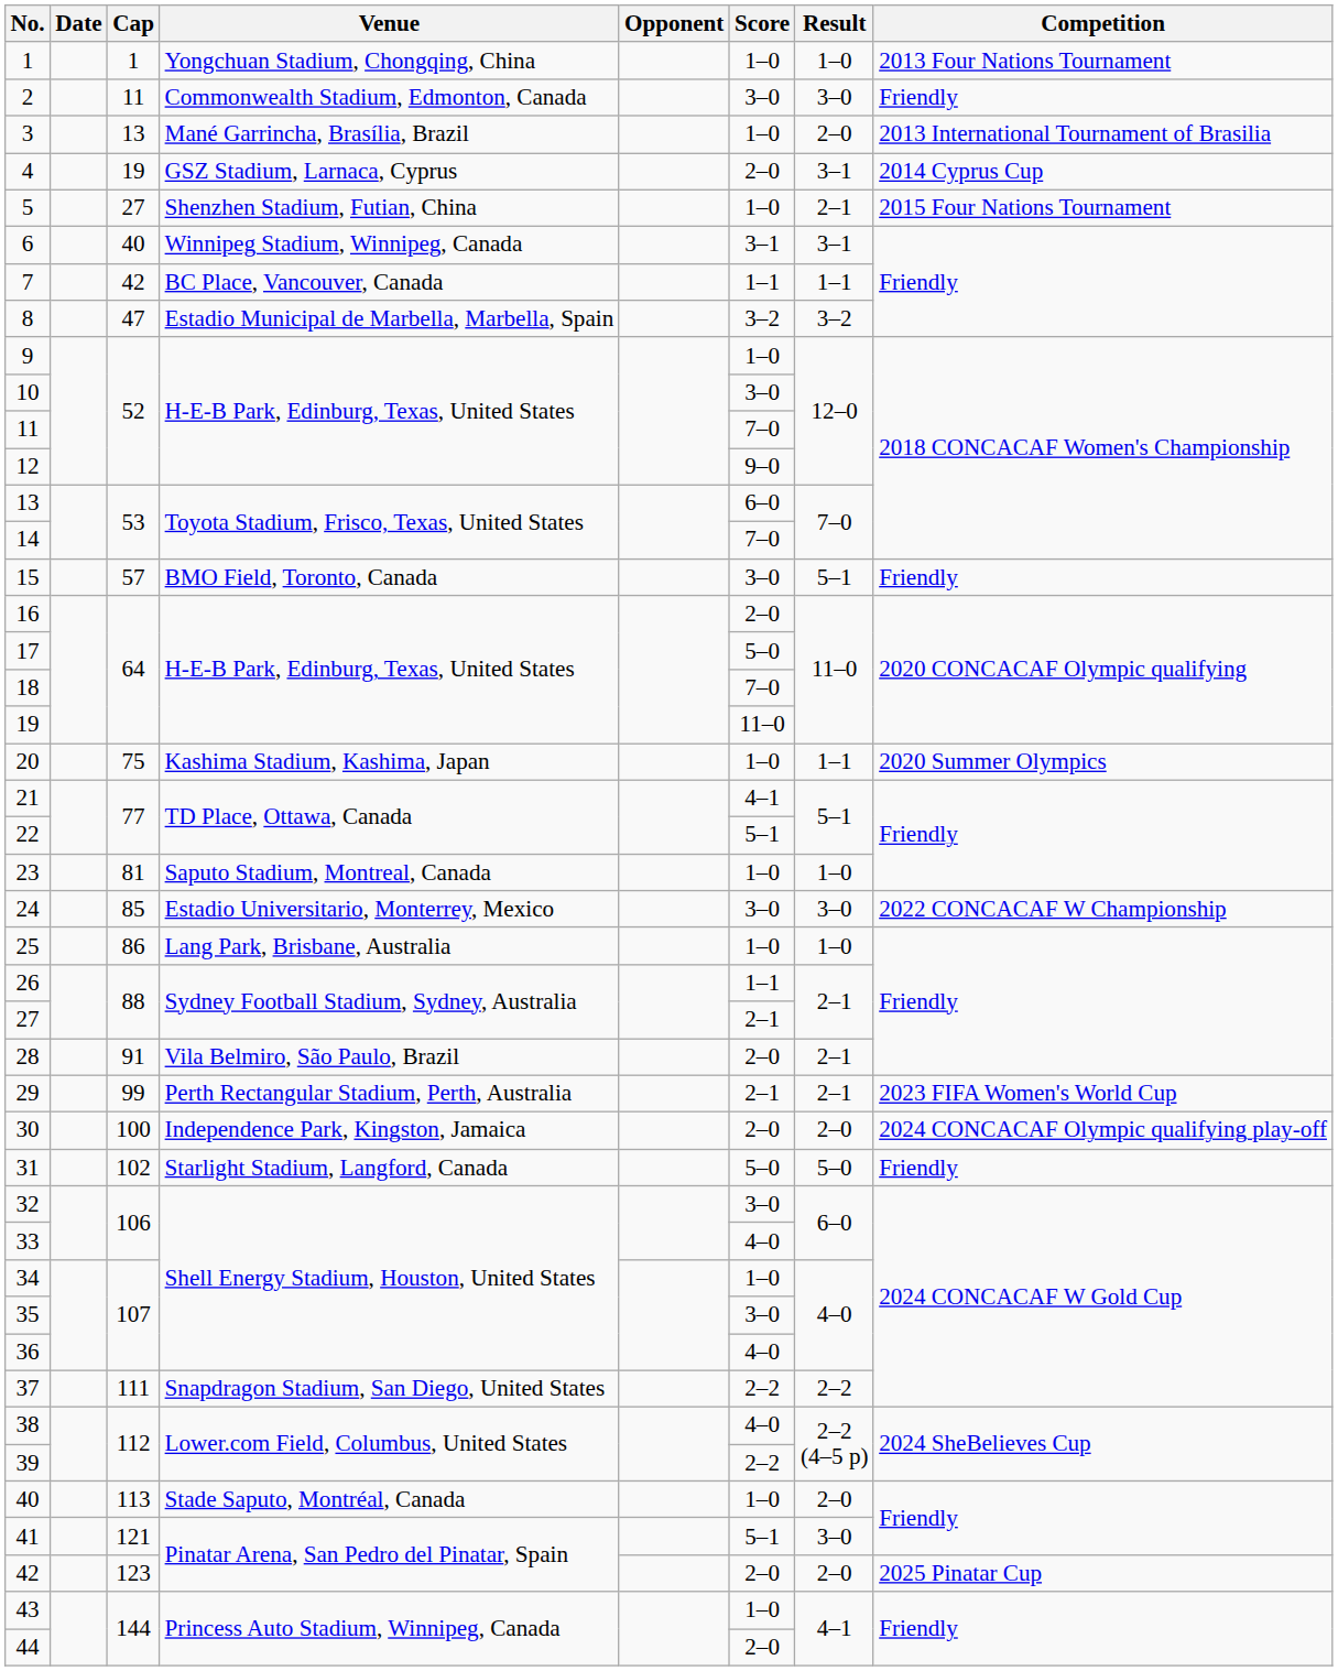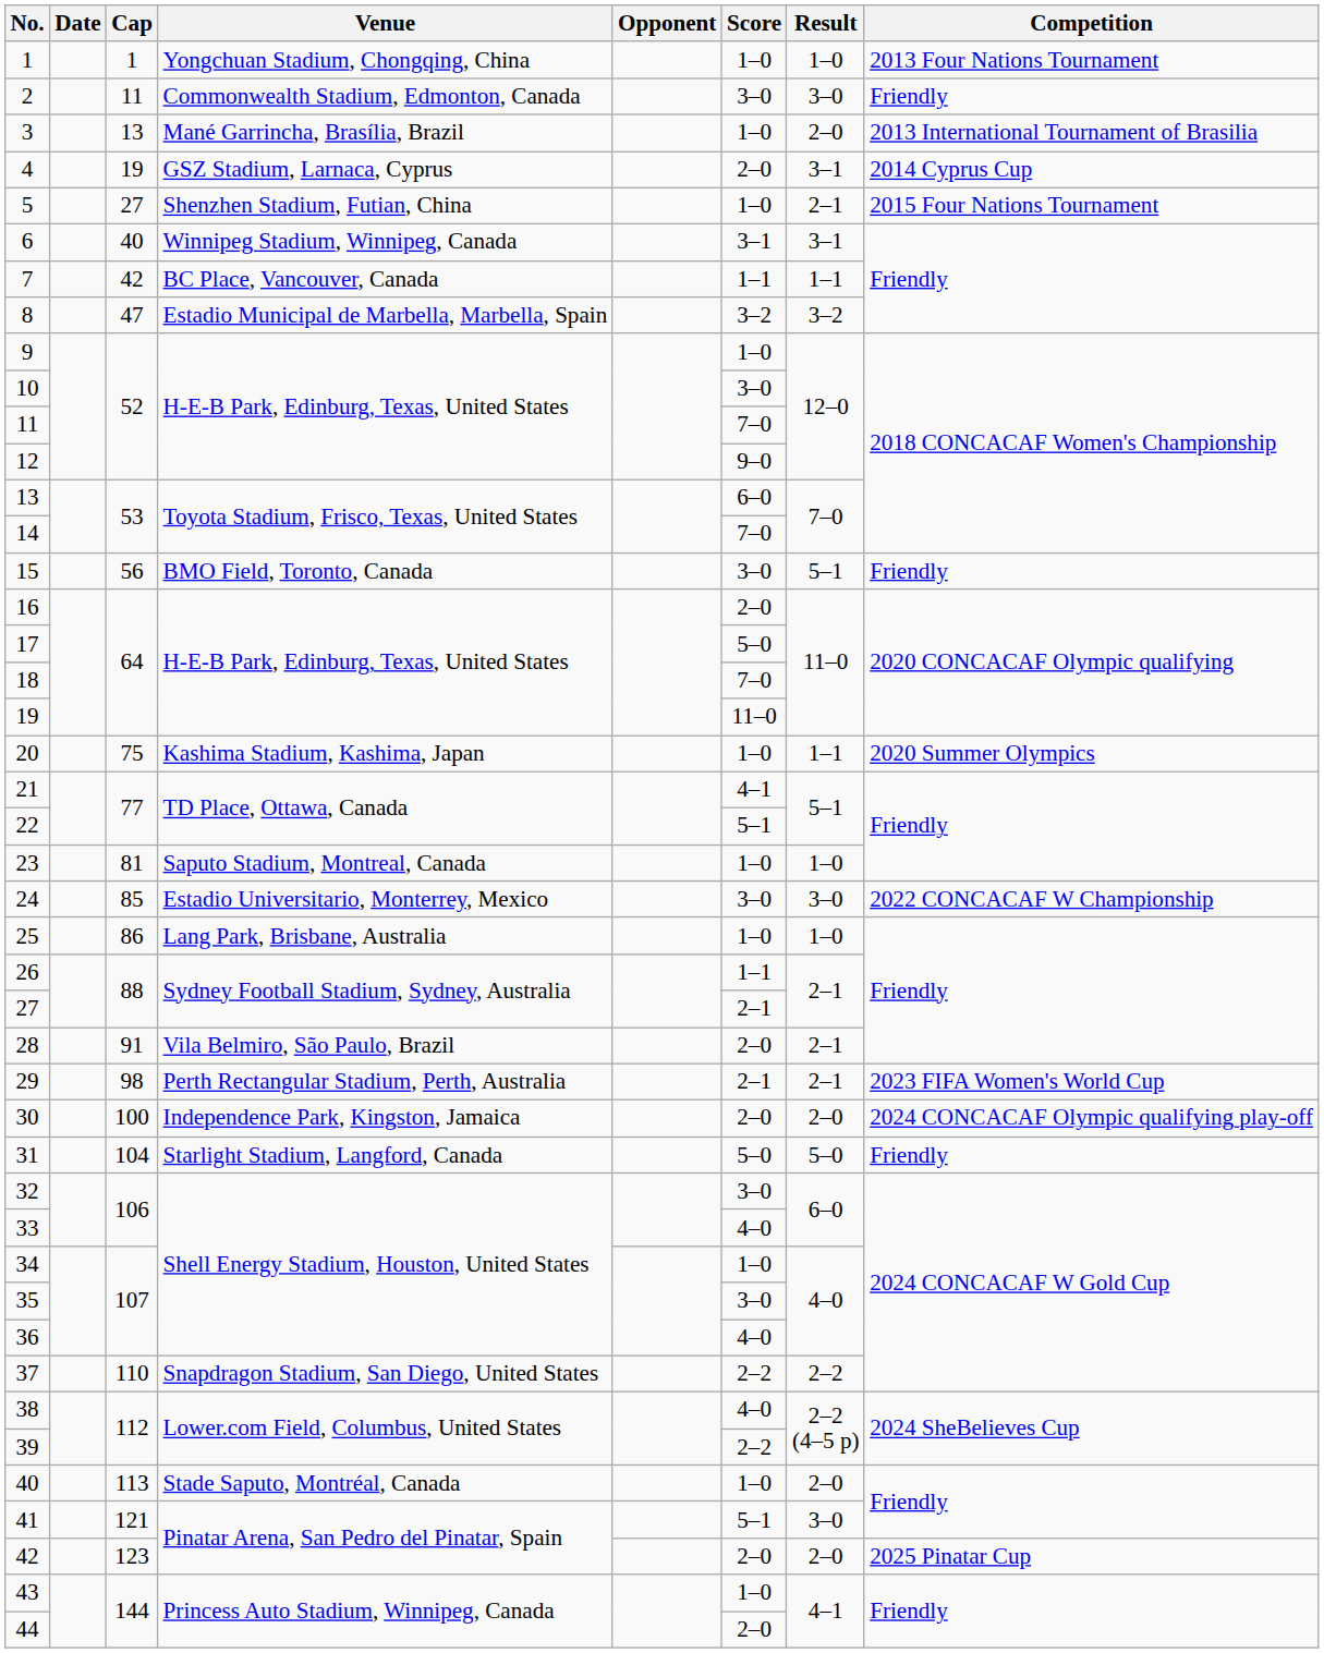 <table class="wikitable sortable">
 <tr>
 <th scope="col">No.</th>
 <th scope="col" data-sort-type="date">Date</th>
 <th scope="col">Cap</th>
 <th scope="col">Venue</th>
 <th scope="col">Opponent</th>
 <th scope="col" class="unsortable">Score</th>
 <th scope="col" class="unsortable">Result</th>
 <th scope="col">Competition</th>
 </tr>
 <tr>
 <td align="center">1</td>
 <td></td>
 <td align="center">1</td>
 <td><a href='#'>Yongchuan Stadium</a>, <a href='#'>Chongqing</a>, China</td>
 <td></td>
 <td align="center">1–0</td>
 <td align="center">1–0</td>
 <td><a href='#'>2013 Four Nations Tournament</a></td>
 </tr>
 <tr>
 <td align="center">2</td>
 <td></td>
 <td align="center">11</td>
 <td><a href='#'>Commonwealth Stadium</a>, <a href='#'>Edmonton</a>, Canada</td>
 <td></td>
 <td align="center">3–0</td>
 <td align="center">3–0</td>
 <td><a href='#'>Friendly</a></td>
 </tr>
 <tr>
 <td align="center">3</td>
 <td></td>
 <td align="center">13</td>
 <td><a href='#'>Mané Garrincha</a>, <a href='#'>Brasília</a>, Brazil</td>
 <td></td>
 <td align="center">1–0</td>
 <td align="center">2–0</td>
 <td><a href='#'>2013 International Tournament of Brasilia</a></td>
 </tr>
 <tr>
 <td align="center">4</td>
 <td></td>
 <td align="center">19</td>
 <td><a href='#'>GSZ Stadium</a>, <a href='#'>Larnaca</a>, Cyprus</td>
 <td></td>
 <td align="center">2–0</td>
 <td align="center">3–1</td>
 <td><a href='#'>2014 Cyprus Cup</a></td>
 </tr>
 <tr>
 <td align="center">5</td>
 <td></td>
 <td align="center">27</td>
 <td><a href='#'>Shenzhen Stadium</a>, <a href='#'>Futian</a>, China</td>
 <td></td>
 <td align="center">1–0</td>
 <td align="center">2–1</td>
 <td><a href='#'>2015 Four Nations Tournament</a></td>
 </tr>
 <tr>
 <td align="center">6</td>
 <td></td>
 <td align="center">40</td>
 <td><a href='#'>Winnipeg Stadium</a>, <a href='#'>Winnipeg</a>, Canada</td>
 <td></td>
 <td align="center">3–1</td>
 <td align="center">3–1</td>
 <td rowspan="3"><a href='#'>Friendly</a></td>
 </tr>
 <tr>
 <td align="center">7</td>
 <td></td>
 <td align="center">42</td>
 <td><a href='#'>BC Place</a>, <a href='#'>Vancouver</a>, Canada</td>
 <td></td>
 <td align="center">1–1</td>
 <td align="center">1–1</td>
 </tr>
 <tr>
 <td align="center">8</td>
 <td></td>
 <td align="center">47</td>
 <td><a href='#'>Estadio Municipal de Marbella</a>, <a href='#'>Marbella</a>, Spain</td>
 <td></td>
 <td align="center">3–2</td>
 <td align="center">3–2</td>
 </tr>
 <tr>
 <td align="center">9</td>
 <td rowspan="4"></td>
 <td align="center" rowspan="4">52</td>
 <td rowspan="4"><a href='#'>H-E-B Park</a>, <a href='#'>Edinburg, Texas</a>, United States</td>
 <td rowspan="4"></td>
 <td align="center">1–0</td>
 <td align="center" rowspan="4">12–0</td>
 <td rowspan="6"><a href='#'>2018 CONCACAF Women's Championship</a></td>
 </tr>
 <tr>
 <td align="center">10</td>
 <td align="center">3–0</td>
 </tr>
 <tr>
 <td align="center">11</td>
 <td align="center">7–0</td>
 </tr>
 <tr>
 <td align="center">12</td>
 <td align="center">9–0</td>
 </tr>
 <tr>
 <td align="center">13</td>
 <td rowspan="2"></td>
 <td align="center" rowspan="2">53</td>
 <td rowspan="2"><a href='#'>Toyota Stadium</a>, <a href='#'>Frisco, Texas</a>, United States</td>
 <td rowspan="2"></td>
 <td align="center">6–0</td>
 <td align="center" rowspan="2">7–0</td>
 </tr>
 <tr>
 <td align="center">14</td>
 <td align="center">7–0</td>
 </tr>
 <tr>
 <td align="center">15</td>
 <td></td>
-<td align="center">57</td>
+<td align="center">56</td>
 <td><a href='#'>BMO Field</a>, <a href='#'>Toronto</a>, Canada</td>
 <td></td>
 <td align="center">3–0</td>
 <td align="center">5–1</td>
 <td><a href='#'>Friendly</a></td>
 </tr>
 <tr>
 <td align="center">16</td>
 <td rowspan="4"></td>
 <td align="center" rowspan="4">64</td>
 <td rowspan="4"><a href='#'>H-E-B Park</a>, <a href='#'>Edinburg, Texas</a>, United States</td>
 <td rowspan="4"></td>
 <td align="center">2–0</td>
 <td align="center" rowspan="4">11–0</td>
 <td rowspan="4"><a href='#'>2020 CONCACAF Olympic qualifying</a></td>
 </tr>
 <tr>
 <td align="center">17</td>
 <td align="center">5–0</td>
 </tr>
 <tr>
 <td align="center">18</td>
 <td align="center">7–0</td>
 </tr>
 <tr>
 <td align="center">19</td>
 <td align="center">11–0</td>
 </tr>
 <tr>
 <td align="center">20</td>
 <td></td>
 <td align="center">75</td>
 <td><a href='#'>Kashima Stadium</a>, <a href='#'>Kashima</a>, Japan</td>
 <td></td>
 <td align="center">1–0</td>
 <td align="center">1–1</td>
 <td><a href='#'>2020 Summer Olympics</a></td>
 </tr>
 <tr>
 <td align="center">21</td>
 <td rowspan="2"></td>
 <td align="center" rowspan="2">77</td>
 <td rowspan="2"><a href='#'>TD Place</a>, <a href='#'>Ottawa</a>, Canada</td>
 <td rowspan="2"></td>
 <td align="center">4–1</td>
 <td align="center" rowspan="2">5–1</td>
 <td rowspan="3"><a href='#'>Friendly</a></td>
 </tr>
 <tr>
 <td align="center">22</td>
 <td align="center">5–1</td>
 </tr>
 <tr>
 <td align="center">23</td>
 <td></td>
 <td align="center">81</td>
 <td><a href='#'>Saputo Stadium</a>, <a href='#'>Montreal</a>, Canada</td>
 <td></td>
 <td align="center">1–0</td>
 <td align="center">1–0</td>
 </tr>
 <tr>
 <td align="center">24</td>
 <td></td>
 <td align="center">85</td>
 <td><a href='#'>Estadio Universitario</a>, <a href='#'>Monterrey</a>, Mexico</td>
 <td></td>
 <td align="center">3–0</td>
 <td align="center">3–0</td>
 <td><a href='#'>2022 CONCACAF W Championship</a></td>
 </tr>
 <tr>
 <td align="center">25</td>
 <td></td>
 <td align="center">86</td>
 <td><a href='#'>Lang Park</a>, <a href='#'>Brisbane</a>, Australia</td>
 <td></td>
 <td align="center">1–0</td>
 <td align="center">1–0</td>
 <td rowspan="4"><a href='#'>Friendly</a></td>
 </tr>
 <tr>
 <td align="center">26</td>
 <td rowspan="2"></td>
 <td rowspan="2" align="center">88</td>
 <td rowspan="2"><a href='#'>Sydney Football Stadium</a>, <a href='#'>Sydney</a>, Australia</td>
 <td rowspan="2"></td>
 <td align="center">1–1</td>
 <td rowspan="2" align="center">2–1</td>
 </tr>
 <tr>
 <td align="center">27</td>
 <td align="center">2–1</td>
 </tr>
 <tr>
 <td align="center">28</td>
 <td></td>
 <td align="center">91</td>
 <td><a href='#'>Vila Belmiro</a>, <a href='#'>São Paulo</a>, Brazil</td>
 <td></td>
 <td align="center">2–0</td>
 <td align="center">2–1</td>
 </tr>
 <tr>
 <td align="center">29</td>
 <td></td>
-<td align="center">99</td>
+<td align="center">98</td>
 <td><a href='#'>Perth Rectangular Stadium</a>, <a href='#'>Perth</a>, Australia</td>
 <td></td>
 <td align="center">2–1</td>
 <td align="center">2–1</td>
 <td><a href='#'>2023 FIFA Women's World Cup</a></td>
 </tr>
 <tr>
 <td align="center">30</td>
 <td></td>
 <td align="center">100</td>
 <td><a href='#'>Independence Park</a>, <a href='#'>Kingston</a>, Jamaica</td>
 <td></td>
 <td style="text-align:center">2–0</td>
 <td style="text-align:center">2–0</td>
 <td><a href='#'>2024 CONCACAF Olympic qualifying play-off</a></td>
 </tr>
 <tr>
 <td align="center">31</td>
 <td></td>
-<td align="center">102</td>
+<td align="center">104</td>
 <td><a href='#'>Starlight Stadium</a>, <a href='#'>Langford</a>, Canada</td>
 <td></td>
 <td align="center">5–0</td>
 <td align="center">5–0</td>
 <td><a href='#'>Friendly</a></td>
 </tr>
 <tr>
 <td align="center">32</td>
 <td rowspan=2></td>
 <td rowspan=2 align="center">106</td>
 <td rowspan=5><a href='#'>Shell Energy Stadium</a>, <a href='#'>Houston</a>, United States</td>
 <td rowspan=2></td>
 <td align="center">3–0</td>
 <td rowspan=2 align="center">6–0</td>
 <td rowspan=6><a href='#'>2024 CONCACAF W Gold Cup</a></td>
 </tr>
 <tr>
 <td align="center">33</td>
 <td align="center">4–0</td>
 </tr>
 <tr>
 <td align="center">34</td>
 <td rowspan=3></td>
 <td rowspan=3 align="center">107</td>
 <td rowspan=3></td>
 <td align="center">1–0</td>
 <td rowspan=3 align="center">4–0</td>
 </tr>
 <tr>
 <td align="center">35</td>
 <td align="center">3–0</td>
 </tr>
 <tr>
 <td align="center">36</td>
 <td align="center">4–0</td>
 </tr>
 <tr>
 <td align="center">37</td>
 <td></td>
-<td align="center">111</td>
+<td align="center">110</td>
 <td><a href='#'>Snapdragon Stadium</a>, <a href='#'>San Diego</a>, United States</td>
 <td></td>
 <td align="center">2–2</td>
 <td align="center">2–2 <br></td>
 </tr>
 <tr>
 <td align="center">38</td>
 <td rowspan=2></td>
 <td rowspan="2" align="center">112</td>
 <td rowspan=2><a href='#'>Lower.com Field</a>, <a href='#'>Columbus</a>, United States</td>
 <td rowspan=2></td>
 <td align="center">4–0</td>
 <td rowspan="2" align="center">2–2<br>(4–5 p)</td>
 <td rowspan=2><a href='#'>2024 SheBelieves Cup</a></td>
 </tr>
 <tr>
 <td align="center">39</td>
 <td align="center">2–2</td>
 </tr>
 <tr>
 <td align="center">40</td>
 <td></td>
 <td align="center">113</td>
 <td><a href='#'>Stade Saputo</a>, <a href='#'>Montréal</a>, Canada</td>
 <td></td>
 <td align="center">1–0</td>
 <td align="center">2–0</td>
 <td rowspan=2><a href='#'>Friendly</a></td>
 </tr>
 <tr>
 <td align="center">41</td>
 <td></td>
 <td align="center">121</td>
 <td rowspan=2><a href='#'>Pinatar Arena</a>, <a href='#'>San Pedro del Pinatar</a>, Spain</td>
 <td></td>
 <td align="center">5–1</td>
 <td align="center">3–0</td>
 </tr>
 <tr>
 <td align="center">42</td>
 <td></td>
 <td align="center">123</td>
 <td></td>
 <td align="center">2–0</td>
 <td align="center">2–0</td>
 <td><a href='#'>2025 Pinatar Cup</a></td>
 </tr>
 <tr>
 <td align="center">43</td>
 <td rowspan=2></td>
 <td rowspan="2" align="center">144</td>
 <td rowspan=2><a href='#'>Princess Auto Stadium</a>, <a href='#'>Winnipeg</a>, Canada</td>
 <td rowspan=2></td>
 <td align="center">1–0</td>
 <td rowspan="2" align="center">4–1</td>
 <td rowspan=2><a href='#'>Friendly</a></td>
 </tr>
 <tr>
 <td align="center">44</td>
 <td align="center">2–0</td>
 </tr>
 </table>
